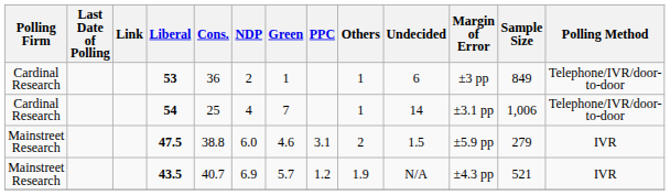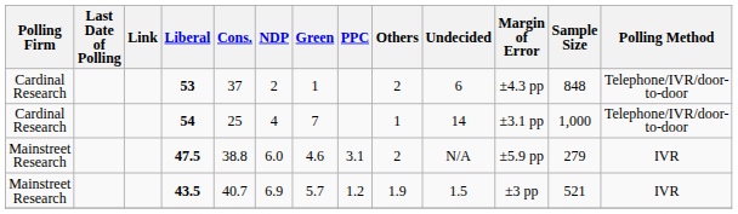 <table class="wikitable sortable" style="text-align:center;font-size:90%;line-height:14px;">
 <tr style="background:#e9e9e9;">
 <th style="width:120px">Polling Firm</th>
 <th style="width:110px">Last Date<br>of Polling</th>
 <th style="width:60px" class="unsortable">Link</th>
 <th style="background-color:"><a href='#'>Liberal</a></th>
 <th style="background-color:"><a href='#'>Cons.</a></th>
 <th style="background-color:"><a href='#'>NDP</a></th>
 <th style="background-color:"><a href='#'>Green</a></th>
 <th style="background-color:"><a href='#'><span>PPC</span></a></th>
 <th style="background-color:">Others</th>
 <th style="background-color:">Undecided</th>
 <th style="width:60px;" class=unsortable>Margin<br>of Error</th>
 <th style="width:50px;" class=unsortable>Sample<br>Size</th>
 <th class=unsortable>Polling Method</th>
 </tr>
 <tr>
 <td>Cardinal Research</td>
 <td></td>
 <td></td>
 <td><strong>53</strong></td>
-<td>36</td>
+<td>37</td>
 <td>2</td>
 <td>1</td>
 <td></td>
-<td>1</td>
+<td>2</td>
 <td>6</td>
-<td>±3 pp</td>
-<td>849</td>
+<td>±4.3 pp</td>
+<td>848</td>
 <td>Telephone/IVR/door-to-door</td>
 </tr>
 <tr>
 <td>Cardinal Research</td>
 <td></td>
 <td></td>
 <td><strong>54</strong></td>
 <td>25</td>
 <td>4</td>
 <td>7</td>
 <td></td>
 <td>1</td>
 <td>14</td>
 <td>±3.1 pp</td>
-<td>1,006</td>
+<td>1,000</td>
 <td>Telephone/IVR/door-to-door</td>
 </tr>
 <tr>
 <td>Mainstreet Research</td>
 <td></td>
 <td></td>
 <td><strong>47.5</strong></td>
 <td>38.8</td>
 <td>6.0</td>
 <td>4.6</td>
 <td>3.1</td>
 <td>2</td>
-<td>1.5</td>
+<td>N/A</td>
 <td>±5.9 pp</td>
 <td>279</td>
 <td>IVR</td>
 </tr>
 <tr>
 <td>Mainstreet Research</td>
 <td></td>
 <td></td>
 <td><strong>43.5</strong></td>
 <td>40.7</td>
 <td>6.9</td>
 <td>5.7</td>
 <td>1.2</td>
 <td>1.9</td>
-<td>N/A</td>
-<td>±4.3 pp</td>
+<td>1.5</td>
+<td>±3 pp</td>
 <td>521</td>
 <td>IVR</td>
 </tr>
 <tr>
 </tr>
 </table>
